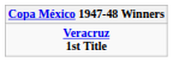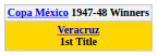 <table class="wikitable" style="text-align: center; margin: 0 auto;">
 <tr>
 <th><a href='#'>Copa México</a> 1947-48 Winners</th>
 </tr>
 <tr>
-<td><strong><a href='#'>Veracruz</a></strong><br><strong>1st Title</strong></td>
+<td style="background: gold;"><strong><a href='#'>Veracruz</a></strong><br><strong>1st Title</strong></td>
 </tr>
 </table>
